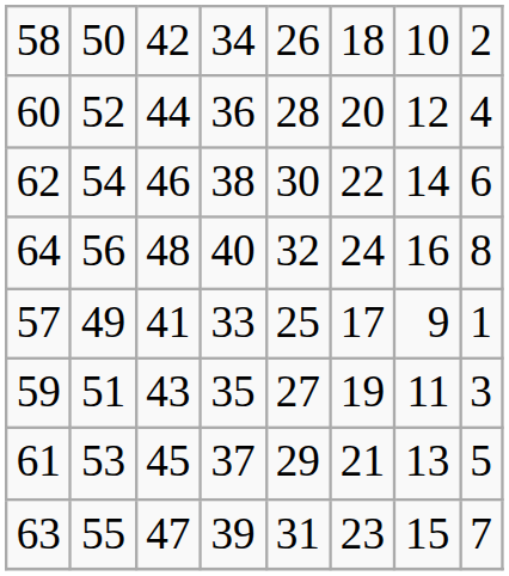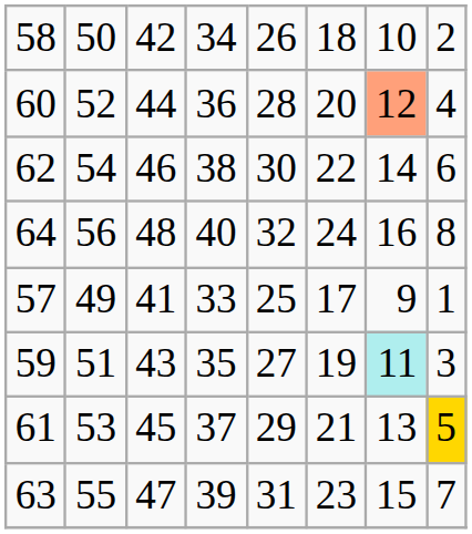 <table class="wikitable" style="text-align:right">
 <tr d>
 <td>58</td>
 <td>50</td>
 <td>42</td>
 <td>34</td>
 <td>26</td>
 <td>18</td>
 <td>10</td>
 <td>2</td>
 </tr>
 <tr>
 <td>60</td>
 <td>52</td>
 <td>44</td>
 <td>36</td>
 <td>28</td>
 <td>20</td>
-<td>12</td>
+<td style="background: lightsalmon;">12</td>
 <td>4</td>
 </tr>
 <tr>
 <td>62</td>
 <td>54</td>
 <td>46</td>
 <td>38</td>
 <td>30</td>
 <td>22</td>
 <td>14</td>
 <td>6</td>
 </tr>
 <tr>
 <td>64</td>
 <td>56</td>
 <td>48</td>
 <td>40</td>
 <td>32</td>
 <td>24</td>
 <td>16</td>
 <td>8</td>
 </tr>
 <tr>
 <td>57</td>
 <td>49</td>
 <td>41</td>
 <td>33</td>
 <td>25</td>
 <td>17</td>
 <td>9</td>
 <td>1</td>
 </tr>
 <tr>
 <td>59</td>
 <td>51</td>
 <td>43</td>
 <td>35</td>
 <td>27</td>
 <td>19</td>
-<td>11</td>
+<td style="background: paleturquoise;">11</td>
 <td>3</td>
 </tr>
 <tr>
 <td>61</td>
 <td>53</td>
 <td>45</td>
 <td>37</td>
 <td>29</td>
 <td>21</td>
 <td>13</td>
-<td>5</td>
+<td style="background: gold;">5</td>
 </tr>
 <tr>
 <td>63</td>
 <td>55</td>
 <td>47</td>
 <td>39</td>
 <td>31</td>
 <td>23</td>
 <td>15</td>
 <td>7</td>
 </tr>
 <tr>
 </tr>
 </table>
